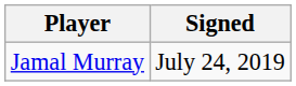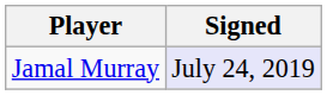 <table class="wikitable sortable sortable">
 <tr>
 <th>Player</th>
 <th>Signed</th>
 </tr>
 <tr style="text-align: center">
 <td><a href='#'>Jamal Murray</a></td>
-<td>July 24, 2019</td>
+<td style="background: lavender;">July 24, 2019</td>
 </tr>
 </table>
